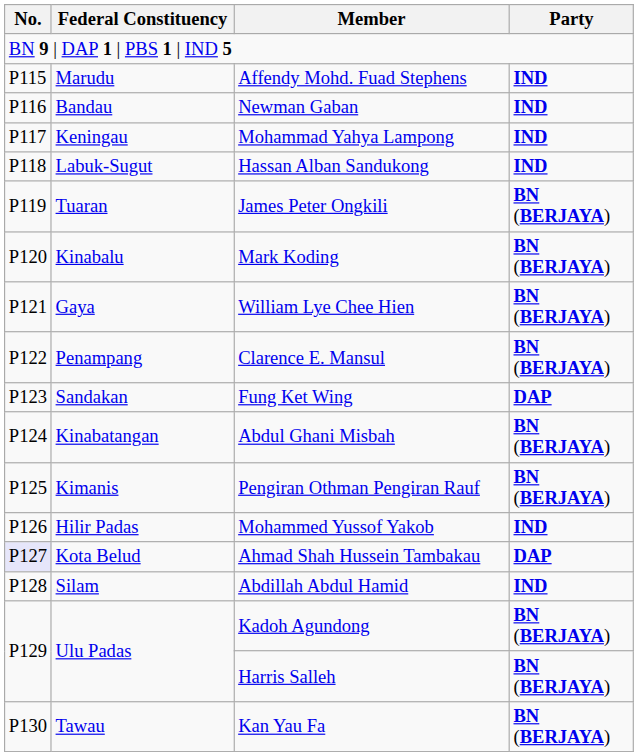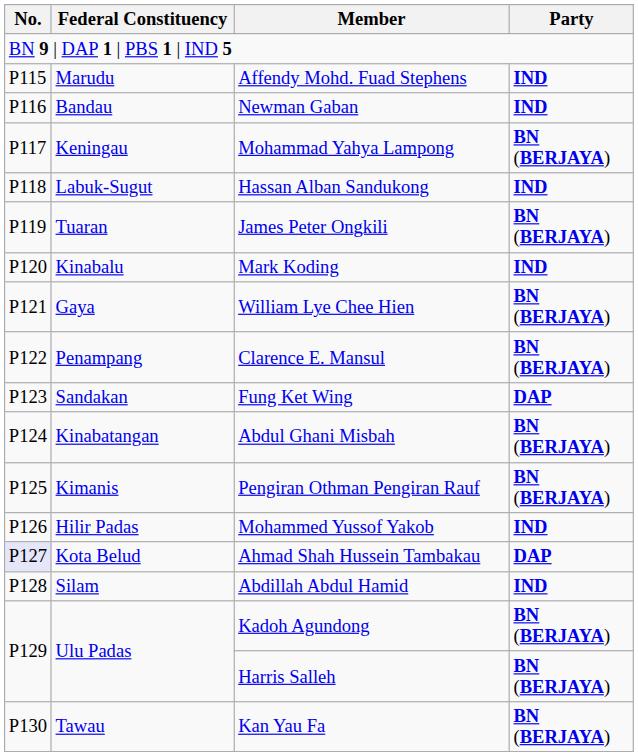 <table class="wikitable sortable">
 <tr>
 <th style="width:30px;">No.</th>
 <th style="width:150px;">Federal Constituency</th>
 <th style="width:230px;">Member</th>
 <th style="width:100px;">Party</th>
 </tr>
 <tr>
 <td colspan="4"><a href='#'>BN</a> <strong>9</strong> | <a href='#'>DAP</a> <strong>1</strong> | <a href='#'>PBS</a> <strong>1</strong> | <a href='#'>IND</a> <strong>5</strong></td>
 </tr>
 <tr>
 <td>P115</td>
 <td><a href='#'>Marudu</a></td>
 <td><a href='#'>Affendy Mohd. Fuad Stephens</a></td>
 <td><strong><a href='#'>IND</a></strong></td>
 </tr>
 <tr>
 <td>P116</td>
 <td><a href='#'>Bandau</a></td>
 <td><a href='#'>Newman Gaban</a></td>
 <td><strong><a href='#'>IND</a></strong></td>
 </tr>
 <tr>
 <td>P117</td>
 <td><a href='#'>Keningau</a></td>
 <td><a href='#'>Mohammad Yahya Lampong</a></td>
-<td><strong><a href='#'>IND</a></strong></td>
+<td><strong><a href='#'>BN</a></strong> (<strong><a href='#'>BERJAYA</a></strong>)</td>
 </tr>
 <tr>
 <td>P118</td>
 <td><a href='#'>Labuk-Sugut</a></td>
 <td><a href='#'>Hassan Alban Sandukong</a></td>
 <td><strong><a href='#'>IND</a></strong></td>
 </tr>
 <tr>
 <td>P119</td>
 <td><a href='#'>Tuaran</a></td>
 <td><a href='#'>James Peter Ongkili</a></td>
 <td><strong><a href='#'>BN</a></strong> (<strong><a href='#'>BERJAYA</a></strong>)</td>
 </tr>
 <tr>
 <td>P120</td>
 <td><a href='#'>Kinabalu</a></td>
 <td><a href='#'>Mark Koding</a></td>
-<td><strong><a href='#'>BN</a></strong> (<strong><a href='#'>BERJAYA</a></strong>)</td>
+<td><strong><a href='#'>IND</a></strong></td>
 </tr>
 <tr>
 <td>P121</td>
 <td><a href='#'>Gaya</a></td>
 <td><a href='#'>William Lye Chee Hien</a></td>
 <td><strong><a href='#'>BN</a></strong> (<strong><a href='#'>BERJAYA</a></strong>)</td>
 </tr>
 <tr>
 <td>P122</td>
 <td><a href='#'>Penampang</a></td>
 <td><a href='#'>Clarence E. Mansul</a></td>
 <td><strong><a href='#'>BN</a></strong> (<strong><a href='#'>BERJAYA</a></strong>)</td>
 </tr>
 <tr>
 <td>P123</td>
 <td><a href='#'>Sandakan</a></td>
 <td><a href='#'>Fung Ket Wing</a></td>
 <td><strong><a href='#'>DAP</a></strong></td>
 </tr>
 <tr>
 <td>P124</td>
 <td><a href='#'>Kinabatangan</a></td>
 <td><a href='#'>Abdul Ghani Misbah</a></td>
 <td><strong><a href='#'>BN</a></strong> (<strong><a href='#'>BERJAYA</a></strong>)</td>
 </tr>
 <tr>
 <td>P125</td>
 <td><a href='#'>Kimanis</a></td>
 <td><a href='#'>Pengiran Othman Pengiran Rauf</a></td>
 <td><strong><a href='#'>BN</a></strong> (<strong><a href='#'>BERJAYA</a></strong>)</td>
 </tr>
 <tr>
 <td>P126</td>
 <td><a href='#'>Hilir Padas</a></td>
 <td><a href='#'>Mohammed Yussof Yakob</a></td>
 <td><strong><a href='#'>IND</a></strong></td>
 </tr>
 <tr>
 <td style="background: lavender;">P127</td>
 <td><a href='#'>Kota Belud</a></td>
 <td><a href='#'>Ahmad Shah Hussein Tambakau</a></td>
 <td><strong><a href='#'>DAP</a></strong></td>
 </tr>
 <tr>
 <td>P128</td>
 <td><a href='#'>Silam</a></td>
 <td><a href='#'>Abdillah Abdul Hamid</a></td>
 <td><strong><a href='#'>IND</a></strong></td>
 </tr>
 <tr>
 <td rowspan=2>P129</td>
 <td rowspan=2><a href='#'>Ulu Padas</a></td>
 <td><a href='#'>Kadoh Agundong</a> </td>
 <td><strong><a href='#'>BN</a></strong> (<strong><a href='#'>BERJAYA</a></strong>)</td>
 </tr>
 <tr>
 <td><a href='#'>Harris Salleh</a> </td>
 <td><strong><a href='#'>BN</a></strong> (<strong><a href='#'>BERJAYA</a></strong>)</td>
 </tr>
 <tr>
 <td>P130</td>
 <td><a href='#'>Tawau</a></td>
 <td><a href='#'>Kan Yau Fa</a></td>
 <td><strong><a href='#'>BN</a></strong> (<strong><a href='#'>BERJAYA</a></strong>)</td>
 </tr>
 </table>
